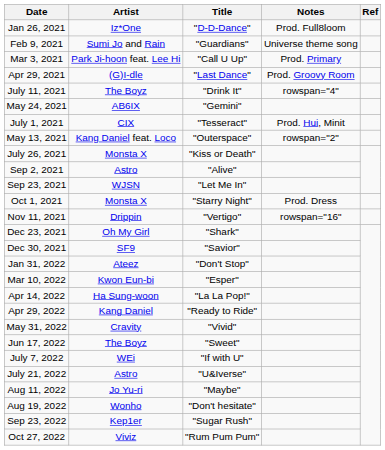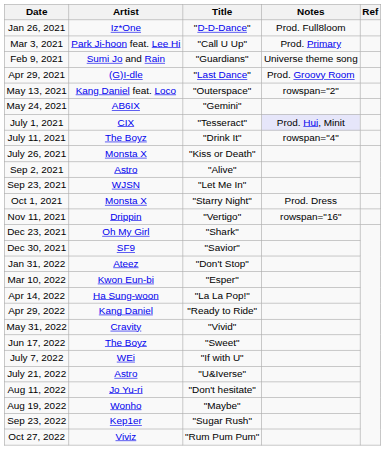 <table class="wikitable" style="text-align:center;">
 <tr>
 <th>Date</th>
 <th>Artist</th>
 <th>Title</th>
 <th>Notes</th>
 <th>Ref</th>
 </tr>
 <tr>
 <td>Jan 26, 2021</td>
 <td><a href='#'>Iz*One</a></td>
 <td>"<a href='#'>D-D-Dance</a>"</td>
 <td>Prod. Full8loom</td>
 <td></td>
 </tr>
 <tr>
+<td>Mar 3, 2021</td>
+<td><a href='#'>Park Ji-hoon</a> feat. <a href='#'>Lee Hi</a></td>
+<td>"Call U Up"</td>
+<td>Prod. <a href='#'>Primary</a></td>
+<td></td>
+</tr>
+<tr>
 <td>Feb 9, 2021</td>
 <td><a href='#'>Sumi Jo</a> and <a href='#'>Rain</a></td>
 <td>"Guardians"</td>
 <td>Universe theme song</td>
-<td></td>
-</tr>
-<tr>
-<td>Mar 3, 2021</td>
-<td><a href='#'>Park Ji-hoon</a> feat. <a href='#'>Lee Hi</a></td>
-<td>"Call U Up"</td>
-<td>Prod. <a href='#'>Primary</a></td>
 <td></td>
 </tr>
 <tr>
 <td>Apr 29, 2021</td>
 <td><a href='#'>(G)I-dle</a></td>
 <td>"<a href='#'>Last Dance</a>"</td>
 <td>Prod. <a href='#'>Groovy Room</a></td>
 <td></td>
 </tr>
 <tr>
-<td>July 11, 2021</td>
-<td><a href='#'>The Boyz</a></td>
-<td>"Drink It"</td>
-<td>rowspan="4" </td>
+<td>May 13, 2021</td>
+<td><a href='#'>Kang Daniel</a> feat. <a href='#'>Loco</a></td>
+<td>"Outerspace"</td>
+<td>rowspan="2" </td>
 <td></td>
 </tr>
 <tr>
 <td>May 24, 2021</td>
 <td><a href='#'>AB6IX</a></td>
 <td>"Gemini"</td>
 <td></td>
 </tr>
 <tr>
 <td>July 1, 2021</td>
 <td><a href='#'>CIX</a></td>
 <td>"Tesseract"</td>
-<td>Prod. <a href='#'>Hui</a>, Minit</td>
+<td style="background: lavender;">Prod. <a href='#'>Hui</a>, Minit</td>
 <td></td>
 </tr>
 <tr>
-<td>May 13, 2021</td>
-<td><a href='#'>Kang Daniel</a> feat. <a href='#'>Loco</a></td>
-<td>"Outerspace"</td>
-<td>rowspan="2" </td>
+<td>July 11, 2021</td>
+<td><a href='#'>The Boyz</a></td>
+<td>"Drink It"</td>
+<td>rowspan="4" </td>
 <td></td>
 </tr>
 <tr>
 <td>July 26, 2021</td>
 <td><a href='#'>Monsta X</a></td>
 <td>"Kiss or Death"</td>
 <td></td>
 </tr>
 <tr>
 <td>Sep 2, 2021</td>
 <td><a href='#'>Astro</a></td>
 <td>"Alive"</td>
 <td></td>
 </tr>
 <tr>
 <td>Sep 23, 2021</td>
 <td><a href='#'>WJSN</a></td>
 <td>"Let Me In"</td>
 <td></td>
 </tr>
 <tr>
 <td>Oct 1, 2021</td>
 <td><a href='#'>Monsta X</a></td>
 <td>"Starry Night"</td>
 <td>Prod. Dress</td>
 <td></td>
 </tr>
 <tr>
 <td>Nov 11, 2021</td>
 <td><a href='#'>Drippin</a></td>
 <td>"Vertigo"</td>
 <td>rowspan="16" </td>
 <td></td>
 </tr>
 <tr>
 <td>Dec 23, 2021</td>
 <td><a href='#'>Oh My Girl</a></td>
 <td>"Shark"</td>
 <td></td>
 </tr>
 <tr>
 <td>Dec 30, 2021</td>
 <td><a href='#'>SF9</a></td>
 <td>"Savior"</td>
 <td></td>
 </tr>
 <tr>
 <td>Jan 31, 2022</td>
 <td><a href='#'>Ateez</a></td>
 <td>"Don't Stop"</td>
 <td></td>
 </tr>
 <tr>
 <td>Mar 10, 2022</td>
 <td><a href='#'>Kwon Eun-bi</a></td>
 <td>"Esper"</td>
 <td></td>
 </tr>
 <tr>
 <td>Apr 14, 2022</td>
 <td><a href='#'>Ha Sung-woon</a></td>
 <td>"La La Pop!"</td>
 <td></td>
 </tr>
 <tr>
 <td>Apr 29, 2022</td>
 <td><a href='#'>Kang Daniel</a></td>
 <td>"Ready to Ride"</td>
 <td></td>
 </tr>
 <tr>
 <td>May 31, 2022</td>
 <td><a href='#'>Cravity</a></td>
 <td>"Vivid"</td>
 <td></td>
 </tr>
 <tr>
 <td>Jun 17, 2022</td>
 <td><a href='#'>The Boyz</a></td>
 <td>"Sweet"</td>
 <td></td>
 </tr>
 <tr>
 <td>July 7, 2022</td>
 <td><a href='#'>WEi</a></td>
 <td>"If with U"</td>
 <td></td>
 </tr>
 <tr>
 <td>July 21, 2022</td>
 <td><a href='#'>Astro</a></td>
 <td>"U&Iverse"</td>
 <td></td>
 </tr>
 <tr>
 <td>Aug 11, 2022</td>
 <td><a href='#'>Jo Yu-ri</a></td>
-<td>"Maybe"</td>
+<td>"Don't hesitate"</td>
 <td></td>
 </tr>
 <tr>
 <td>Aug 19, 2022</td>
 <td><a href='#'>Wonho</a></td>
-<td>"Don't hesitate"</td>
+<td>"Maybe"</td>
 <td></td>
 </tr>
 <tr>
 <td>Sep 23, 2022</td>
 <td><a href='#'>Kep1er</a></td>
 <td>"Sugar Rush"</td>
 <td></td>
 </tr>
 <tr>
 <td>Oct 27, 2022</td>
 <td><a href='#'>Viviz</a></td>
 <td>"Rum Pum Pum"</td>
 <td></td>
 </tr>
 </table>
